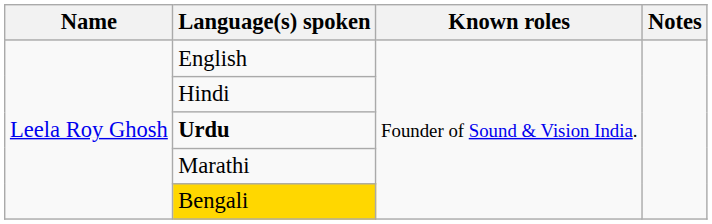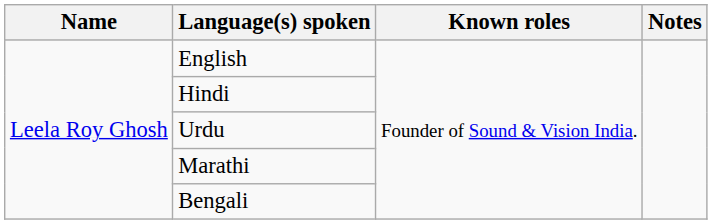 <table class="wikitable">
 <tr>
 <th>Name</th>
 <th>Language(s) spoken</th>
 <th>Known roles</th>
 <th>Notes</th>
 </tr>
 <tr>
 <td rowspan="5"><a href='#'>Leela Roy Ghosh</a></td>
 <td>English</td>
 <td rowspan="5"><small>Founder of <a href='#'>Sound & Vision India</a>.</small></td>
 <td rowspan="5"></td>
 </tr>
 <tr>
 <td>Hindi</td>
 </tr>
 <tr>
-<td><strong>Urdu</strong></td>
+<td>Urdu</td>
 </tr>
 <tr>
 <td>Marathi</td>
 </tr>
 <tr>
-<td style="background: gold;">Bengali</td>
+<td>Bengali</td>
 </tr>
 </table>
